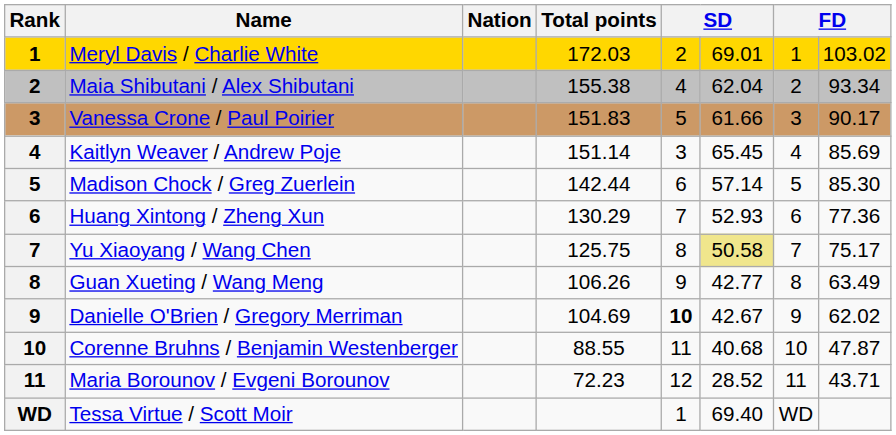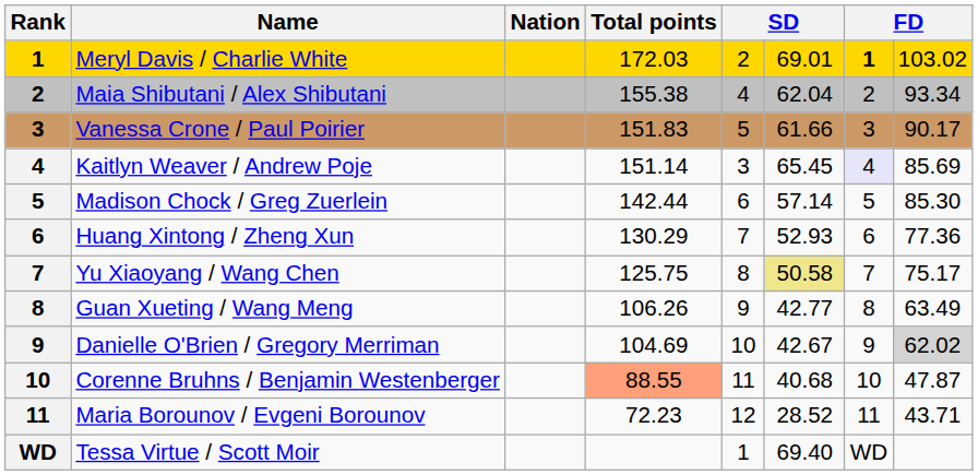 <table class="wikitable sortable">
 <tr>
 <th>Rank</th>
 <th>Name</th>
 <th>Nation</th>
 <th>Total points</th>
 <th colspan="2" width="80px"><a href='#'>SD</a></th>
 <th colspan="2" width="80px"><a href='#'>FD</a></th>
 </tr>
 <tr bgcolor="gold">
 <td align="center"><strong>1</strong></td>
 <td><a href='#'>Meryl Davis</a> / <a href='#'>Charlie White</a></td>
 <td></td>
 <td align="center">172.03</td>
 <td align="center">2</td>
 <td align="center">69.01</td>
-<td align="center">1</td>
+<td align="center"><strong>1</strong></td>
 <td align="center">103.02</td>
 </tr>
 <tr bgcolor="silver">
 <td align="center"><strong>2</strong></td>
 <td><a href='#'>Maia Shibutani</a> / <a href='#'>Alex Shibutani</a></td>
 <td></td>
 <td align="center">155.38</td>
 <td align="center">4</td>
 <td align="center">62.04</td>
 <td align="center">2</td>
 <td align="center">93.34</td>
 </tr>
 <tr bgcolor="cc9966">
 <td align="center"><strong>3</strong></td>
 <td><a href='#'>Vanessa Crone</a> / <a href='#'>Paul Poirier</a></td>
 <td></td>
 <td align="center">151.83</td>
 <td align="center">5</td>
 <td align="center">61.66</td>
 <td align="center">3</td>
 <td align="center">90.17</td>
 </tr>
 <tr>
 <th>4</th>
 <td><a href='#'>Kaitlyn Weaver</a> / <a href='#'>Andrew Poje</a></td>
 <td></td>
 <td align="center">151.14</td>
 <td align="center">3</td>
 <td align="center">65.45</td>
-<td align="center">4</td>
+<td align="center" style="background: lavender;">4</td>
 <td align="center">85.69</td>
 </tr>
 <tr>
 <th>5</th>
 <td><a href='#'>Madison Chock</a> / <a href='#'>Greg Zuerlein</a></td>
 <td></td>
 <td align="center">142.44</td>
 <td align="center">6</td>
 <td align="center">57.14</td>
 <td align="center">5</td>
 <td align="center">85.30</td>
 </tr>
 <tr>
 <th>6</th>
 <td><a href='#'>Huang Xintong</a> / <a href='#'>Zheng Xun</a></td>
 <td></td>
 <td align="center">130.29</td>
 <td align="center">7</td>
 <td align="center">52.93</td>
 <td align="center">6</td>
 <td align="center">77.36</td>
 </tr>
 <tr>
 <th>7</th>
 <td><a href='#'>Yu Xiaoyang</a> / <a href='#'>Wang Chen</a></td>
 <td></td>
 <td align="center">125.75</td>
 <td align="center">8</td>
 <td align="center" style="background: khaki;">50.58</td>
 <td align="center">7</td>
 <td align="center">75.17</td>
 </tr>
 <tr>
 <th>8</th>
 <td><a href='#'>Guan Xueting</a> / <a href='#'>Wang Meng</a></td>
 <td></td>
 <td align="center">106.26</td>
 <td align="center">9</td>
 <td align="center">42.77</td>
 <td align="center">8</td>
 <td align="center">63.49</td>
 </tr>
 <tr>
 <th>9</th>
 <td><a href='#'>Danielle O'Brien</a> / <a href='#'>Gregory Merriman</a></td>
 <td></td>
 <td align="center">104.69</td>
-<td align="center"><strong>10</strong></td>
+<td align="center">10</td>
 <td align="center">42.67</td>
 <td align="center">9</td>
-<td align="center">62.02</td>
+<td align="center" style="background: lightgrey;">62.02</td>
 </tr>
 <tr>
 <th>10</th>
 <td><a href='#'>Corenne Bruhns</a> / <a href='#'>Benjamin Westenberger</a></td>
 <td></td>
-<td align="center">88.55</td>
+<td align="center" style="background: lightsalmon;">88.55</td>
 <td align="center">11</td>
 <td align="center">40.68</td>
 <td align="center">10</td>
 <td align="center">47.87</td>
 </tr>
 <tr>
 <th>11</th>
 <td><a href='#'>Maria Borounov</a> / <a href='#'>Evgeni Borounov</a></td>
 <td></td>
 <td align="center">72.23</td>
 <td align="center">12</td>
 <td align="center">28.52</td>
 <td align="center">11</td>
 <td align="center">43.71</td>
 </tr>
 <tr>
 <th>WD</th>
 <td><a href='#'>Tessa Virtue</a> / <a href='#'>Scott Moir</a></td>
 <td></td>
 <td align="center"></td>
 <td align="center">1</td>
 <td align="center">69.40</td>
 <td align="center">WD</td>
 <td align="center"></td>
 </tr>
 </table>
